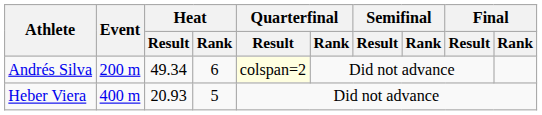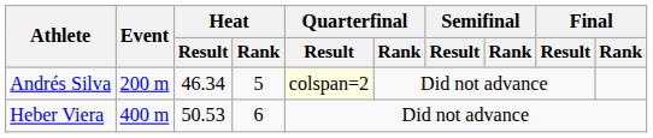 <table class=wikitable style="font-size:90%">
 <tr>
 <th rowspan="2">Athlete</th>
 <th rowspan="2">Event</th>
 <th colspan="2">Heat</th>
 <th colspan="2">Quarterfinal</th>
 <th colspan="2">Semifinal</th>
 <th colspan="2">Final</th>
 </tr>
 <tr style="font-size:95%">
 <th>Result</th>
 <th>Rank</th>
 <th>Result</th>
 <th>Rank</th>
 <th>Result</th>
 <th>Rank</th>
 <th>Result</th>
 <th>Rank</th>
 </tr>
 <tr align=center>
 <td align=left><a href='#'>Andrés Silva</a></td>
 <td align=left><a href='#'>200 m</a></td>
-<td>49.34</td>
-<td>6</td>
+<td>46.34</td>
+<td>5</td>
 <td style="background: lightyellow;">colspan=2 </td>
 <td colspan=4>Did not advance</td>
 </tr>
 <tr align=center>
 <td align=left><a href='#'>Heber Viera</a></td>
 <td align=left><a href='#'>400 m</a></td>
-<td>20.93</td>
-<td>5</td>
+<td>50.53</td>
+<td>6</td>
 <td colspan=6>Did not advance</td>
 </tr>
 </table>
